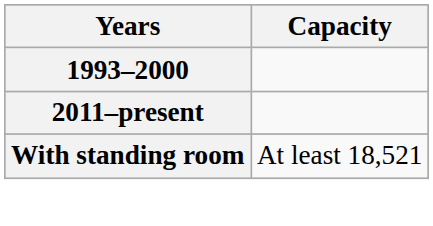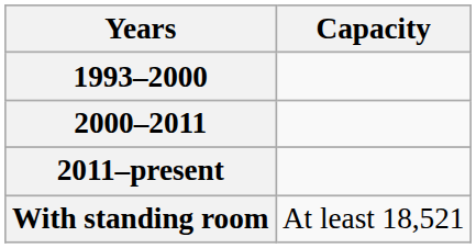 <table class="wikitable">
 <tr>
 <th>Years</th>
 <th>Capacity</th>
 </tr>
 <tr>
 <th>1993–2000</th>
+<td></td>
+</tr>
+<tr>
+<th>2000–2011</th>
 <td></td>
 </tr>
 <tr>
 <th>2011–present</th>
 <td></td>
 </tr>
 <tr>
 <th>With standing room</th>
 <td>At least 18,521</td>
 </tr>
 </table>
